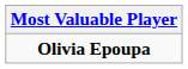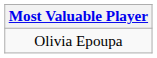 <table class=wikitable style="text-align:center; margin:auto">
 <tr>
 <th><a href='#'>Most Valuable Player</a></th>
 </tr>
 <tr>
-<td><strong> Olivia Epoupa</strong></td>
+<td> Olivia Epoupa</td>
 </tr>
 </table>
